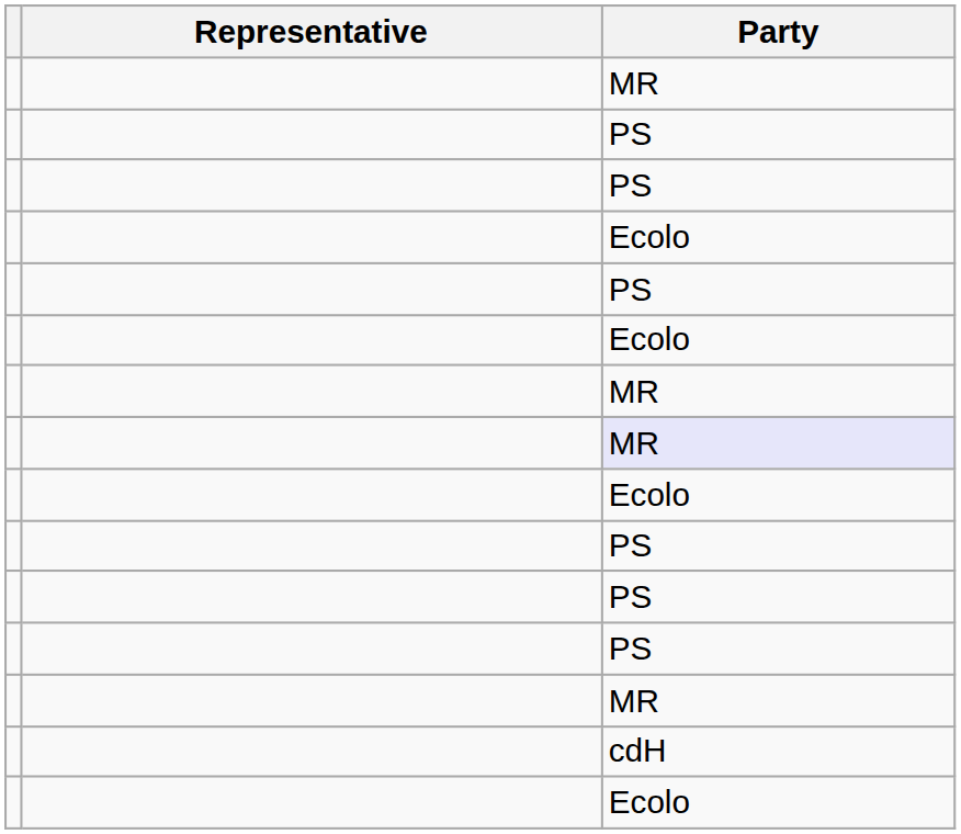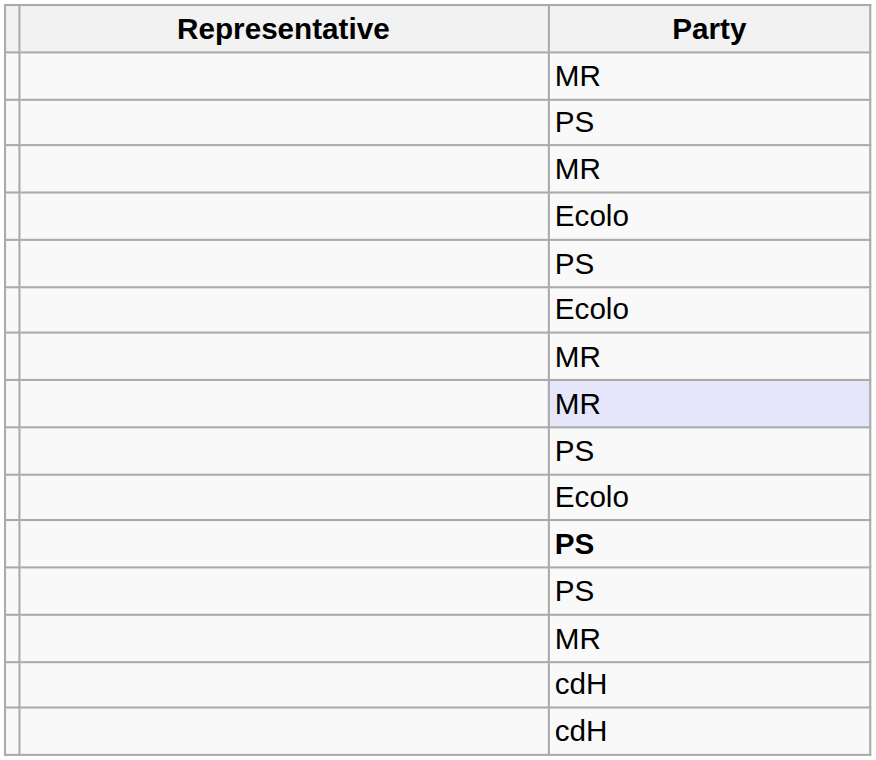 <table class="sortable wikitable" style="text-align:left; font-size:90%">
 <tr>
 <th></th>
 <th width="250">Representative</th>
 <th width="150">Party</th>
 </tr>
 <tr>
 <td></td>
 <td align=left></td>
 <td>MR</td>
 </tr>
 <tr>
 <td></td>
 <td align=left></td>
 <td>PS</td>
 </tr>
 <tr>
 <td></td>
 <td align=left></td>
-<td>PS</td>
+<td>MR</td>
 </tr>
 <tr>
 <td></td>
 <td align=left></td>
 <td>Ecolo</td>
 </tr>
 <tr>
 <td></td>
 <td align=left></td>
 <td>PS</td>
 </tr>
 <tr>
 <td></td>
 <td align=left></td>
 <td>Ecolo</td>
 </tr>
 <tr>
 <td></td>
 <td align=left></td>
 <td>MR</td>
 </tr>
 <tr>
 <td></td>
 <td align=left></td>
 <td style="background: lavender;">MR</td>
 </tr>
 <tr>
 <td></td>
 <td align=left></td>
+<td>PS</td>
+</tr>
+<tr>
+<td></td>
+<td align=left></td>
 <td>Ecolo</td>
 </tr>
 <tr>
 <td></td>
 <td align=left></td>
-<td>PS</td>
-</tr>
-<tr>
-<td></td>
-<td align=left></td>
-<td>PS</td>
+<td><strong>PS</strong></td>
 </tr>
 <tr>
 <td></td>
 <td align=left></td>
 <td>PS</td>
 </tr>
 <tr>
 <td></td>
 <td align=left></td>
 <td>MR</td>
 </tr>
 <tr>
 <td></td>
 <td align=left></td>
 <td>cdH</td>
 </tr>
 <tr>
 <td></td>
 <td align=left></td>
-<td>Ecolo</td>
+<td>cdH</td>
 </tr>
 </table>
